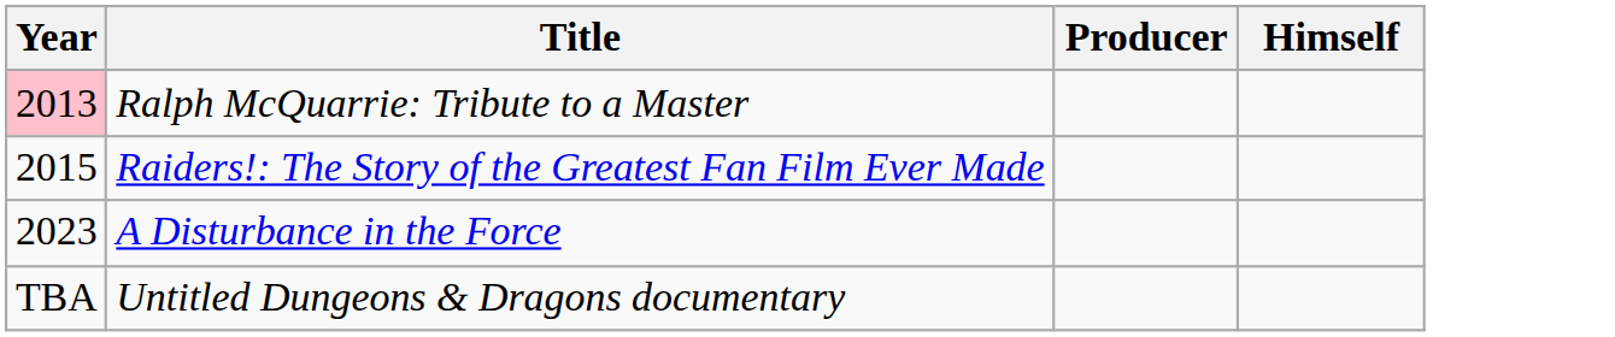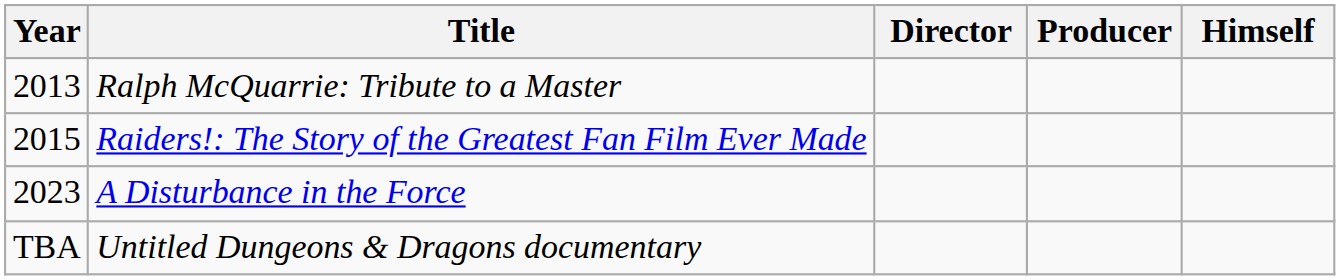 <table class="wikitable">
 <tr>
 <th>Year</th>
 <th>Title</th>
+<th width="65">Director</th>
 <th width="65">Producer</th>
 <th width="65">Himself</th>
 </tr>
 <tr>
-<td style="background: pink;">2013</td>
+<td>2013</td>
 <td><em>Ralph McQuarrie: Tribute to a Master</em></td>
+<td></td>
 <td></td>
 <td></td>
 </tr>
 <tr>
 <td>2015</td>
 <td><em><a href='#'>Raiders!: The Story of the Greatest Fan Film Ever Made</a></em></td>
 <td></td>
 <td></td>
+<td></td>
 </tr>
 <tr>
 <td>2023</td>
 <td><em><a href='#'>A Disturbance in the Force</a></em></td>
+<td></td>
 <td></td>
 <td></td>
 </tr>
 <tr>
 <td>TBA</td>
 <td><em>Untitled Dungeons & Dragons documentary</em></td>
 <td></td>
 <td></td>
+<td></td>
 </tr>
 </table>
